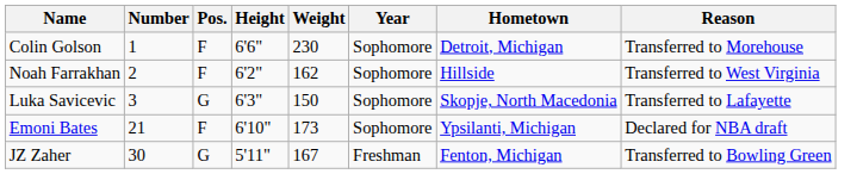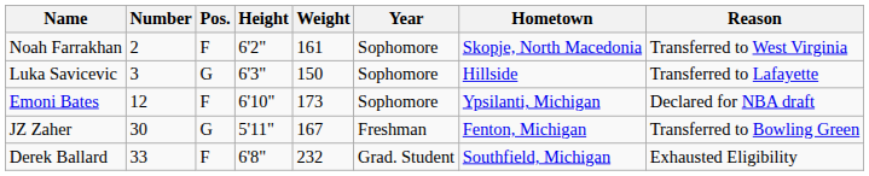 <table class="wikitable sortable sortable" border="1">
 <tr align=center>
 <th style="background:#">Name</th>
 <th style="background:#">Number</th>
 <th style="background:#">Pos.</th>
 <th style="background:#">Height</th>
 <th style="background:#">Weight</th>
 <th style="background:#">Year</th>
 <th style="background:#">Hometown</th>
 <th style="background:#">Reason</th>
 </tr>
 <tr>
-<td>Colin Golson</td>
-<td>1</td>
-<td>F</td>
-<td>6'6"</td>
-<td>230</td>
-<td>Sophomore</td>
-<td><a href='#'>Detroit, Michigan</a></td>
-<td>Transferred to <a href='#'>Morehouse</a></td>
-</tr>
-<tr>
 <td>Noah Farrakhan</td>
 <td>2</td>
 <td>F</td>
 <td>6'2"</td>
-<td>162</td>
+<td>161</td>
 <td>Sophomore</td>
-<td><a href='#'>Hillside</a></td>
+<td><a href='#'>Skopje, North Macedonia</a></td>
 <td>Transferred to <a href='#'>West Virginia</a></td>
 </tr>
 <tr>
 <td>Luka Savicevic</td>
 <td>3</td>
 <td>G</td>
 <td>6'3"</td>
 <td>150</td>
 <td>Sophomore</td>
-<td><a href='#'>Skopje, North Macedonia</a></td>
+<td><a href='#'>Hillside</a></td>
 <td>Transferred to <a href='#'>Lafayette</a></td>
 </tr>
 <tr>
 <td><a href='#'>Emoni Bates</a></td>
-<td>21</td>
+<td>12</td>
 <td>F</td>
 <td>6'10"</td>
 <td>173</td>
 <td>Sophomore</td>
 <td><a href='#'>Ypsilanti, Michigan</a></td>
 <td>Declared for <a href='#'>NBA draft</a></td>
 </tr>
 <tr>
 <td>JZ Zaher</td>
 <td>30</td>
 <td>G</td>
 <td>5'11"</td>
 <td>167</td>
 <td>Freshman</td>
 <td><a href='#'>Fenton, Michigan</a></td>
 <td>Transferred to <a href='#'>Bowling Green</a></td>
 </tr>
+<tr>
+<td>Derek Ballard</td>
+<td>33</td>
+<td>F</td>
+<td>6'8"</td>
+<td>232</td>
+<td>Grad. Student</td>
+<td><a href='#'>Southfield, Michigan</a></td>
+<td>Exhausted Eligibility</td>
+</tr>
 </table>
